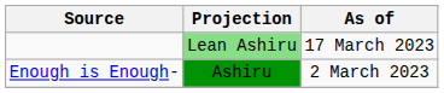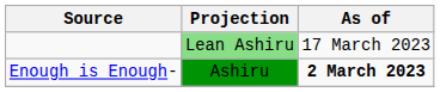 <table class="wikitable" style="text-align:center">
 <tr>
 <th>Source</th>
 <th colspan=2>Projection</th>
 <th>As of</th>
 </tr>
 <tr>
 <td align="left"></td>
 <td colspan=2 bgcolor=#87de87>Lean Ashiru</td>
 <td>17 March 2023</td>
 </tr>
 <tr>
 <td align="left"><a href='#'>Enough is Enough</a>-<br></td>
 <td colspan=2 bgcolor=#009404>Ashiru</td>
-<td>2 March 2023</td>
+<td><strong>2 March 2023</strong></td>
 </tr>
 <tr>
 </tr>
 </table>
